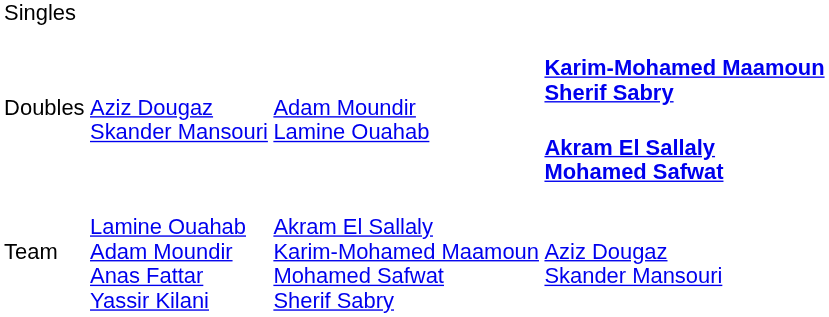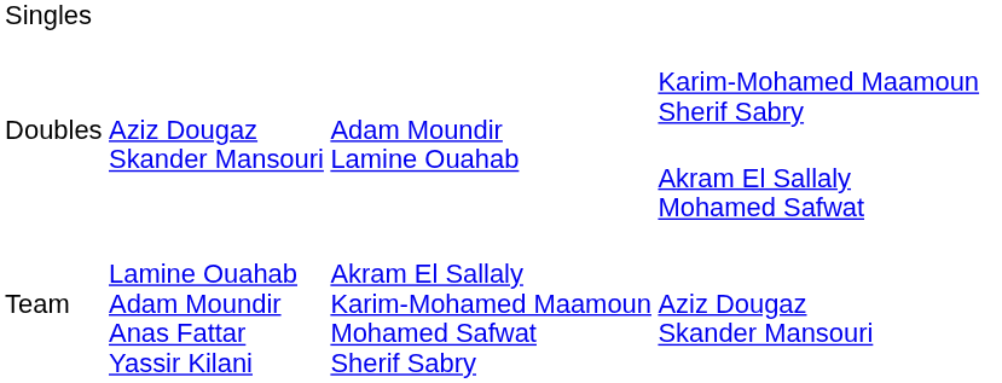 <table>
 <tr>
 <td rowspan=2>Singles<br></td>
 <td rowspan=2></td>
 <td rowspan=2></td>
 <td></td>
 </tr>
 <tr>
 <td></td>
 </tr>
 <tr>
 <td rowspan=2>Doubles<br></td>
 <td rowspan=2><br><a href='#'>Aziz Dougaz</a><br> <a href='#'>Skander Mansouri</a></td>
 <td rowspan=2><br><a href='#'>Adam Moundir</a><br> <a href='#'>Lamine Ouahab</a></td>
-<td><strong><br><a href='#'>Karim-Mohamed Maamoun</a><br> <a href='#'>Sherif Sabry</a></strong></td>
+<td><br><a href='#'>Karim-Mohamed Maamoun</a><br> <a href='#'>Sherif Sabry</a></td>
 </tr>
 <tr>
-<td><strong><br><a href='#'>Akram El Sallaly</a><br> <a href='#'>Mohamed Safwat</a></strong></td>
+<td><br><a href='#'>Akram El Sallaly</a><br> <a href='#'>Mohamed Safwat</a></td>
 </tr>
 <tr>
 <td>Team<br></td>
 <td><br><a href='#'>Lamine Ouahab</a><br><a href='#'>Adam Moundir</a><br><a href='#'>Anas Fattar</a><br><a href='#'>Yassir Kilani</a></td>
 <td><br><a href='#'>Akram El Sallaly</a><br><a href='#'>Karim-Mohamed Maamoun</a><br><a href='#'>Mohamed Safwat</a><br><a href='#'>Sherif Sabry</a></td>
 <td><br><a href='#'>Aziz Dougaz</a><br><a href='#'>Skander Mansouri</a></td>
 </tr>
 </table>
